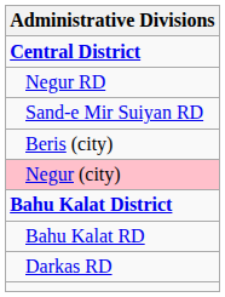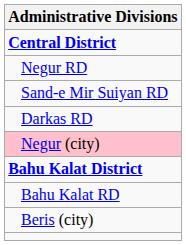 <table class="wikitable">
 <tr>
 <th>Administrative Divisions</th>
 </tr>
 <tr>
 <td><strong><a href='#'>Central District</a></strong></td>
 </tr>
 <tr>
 <td style="padding-left: 1em;"><a href='#'>Negur RD</a></td>
 </tr>
 <tr>
 <td style="padding-left: 1em;"><a href='#'>Sand-e Mir Suiyan RD</a></td>
 </tr>
 <tr>
-<td style="padding-left: 1em;"><a href='#'>Beris</a> (city)</td>
+<td style="padding-left: 1em;"><a href='#'>Darkas RD</a></td>
 </tr>
 <tr>
 <td style="background: pink; padding-left: 1em;"><a href='#'>Negur</a> (city)</td>
 </tr>
 <tr>
 <td><strong><a href='#'>Bahu Kalat District</a></strong></td>
 </tr>
 <tr>
 <td style="padding-left: 1em;"><a href='#'>Bahu Kalat RD</a></td>
 </tr>
 <tr>
-<td style="padding-left: 1em;"><a href='#'>Darkas RD</a></td>
+<td style="padding-left: 1em;"><a href='#'>Beris</a> (city)</td>
 </tr>
 <tr>
 <td colspan=1></td>
 </tr>
 </table>
